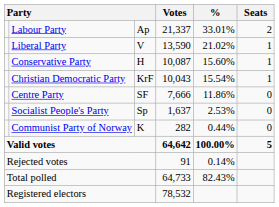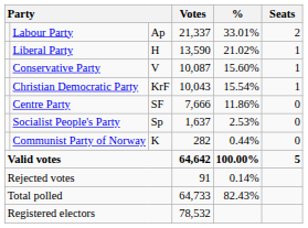 <table class="wikitable" border="1" style="text-align:right;">
 <tr>
 <th style="text-align:left;" colspan=3>Party</th>
 <th align=center width="50">Votes</th>
 <th align=center width="50">%</th>
 <th align=center width="50">Seats</th>
 </tr>
 <tr>
 <td style="color:inherit;background:"></td>
 <td align=left><a href='#'>Labour Party</a></td>
 <td align=left>Ap</td>
 <td>21,337</td>
 <td>33.01%</td>
 <td>2</td>
 </tr>
 <tr>
 <td style="color:inherit;background:"></td>
 <td align=left><a href='#'>Liberal Party</a></td>
-<td align=left>V</td>
+<td align=left>H</td>
 <td>13,590</td>
 <td>21.02%</td>
 <td>1</td>
 </tr>
 <tr>
 <td style="color:inherit;background:"></td>
 <td align=left><a href='#'>Conservative Party</a></td>
-<td align=left>H</td>
+<td align=left>V</td>
 <td>10,087</td>
 <td>15.60%</td>
 <td>1</td>
 </tr>
 <tr>
 <td style="color:inherit;background:"></td>
 <td align=left><a href='#'>Christian Democratic Party</a></td>
 <td align=left>KrF</td>
 <td>10,043</td>
 <td>15.54%</td>
 <td>1</td>
 </tr>
 <tr>
 <td style="color:inherit;background:"></td>
 <td align=left><a href='#'>Centre Party</a></td>
 <td align=left>SF</td>
 <td>7,666</td>
 <td>11.86%</td>
 <td>0</td>
 </tr>
 <tr>
 <td style="color:inherit;background:"></td>
 <td align=left><a href='#'>Socialist People's Party</a></td>
 <td align=left>Sp</td>
 <td>1,637</td>
 <td>2.53%</td>
 <td>0</td>
 </tr>
 <tr>
 <td style="color:inherit;background:"></td>
 <td align=left><a href='#'>Communist Party of Norway</a></td>
 <td align=left>K</td>
 <td>282</td>
 <td>0.44%</td>
 <td>0</td>
 </tr>
 <tr style="font-weight:bold">
 <td align=left colspan=3>Valid votes</td>
 <td>64,642</td>
 <td>100.00%</td>
 <td>5</td>
 </tr>
 <tr>
 <td align=left colspan=3>Rejected votes</td>
 <td>91</td>
 <td>0.14%</td>
 <td></td>
 </tr>
 <tr>
 <td align=left colspan=3>Total polled</td>
 <td>64,733</td>
 <td>82.43%</td>
 <td></td>
 </tr>
 <tr>
 <td align=left colspan=3>Registered electors</td>
 <td>78,532</td>
 <td></td>
 <td></td>
 </tr>
 </table>
